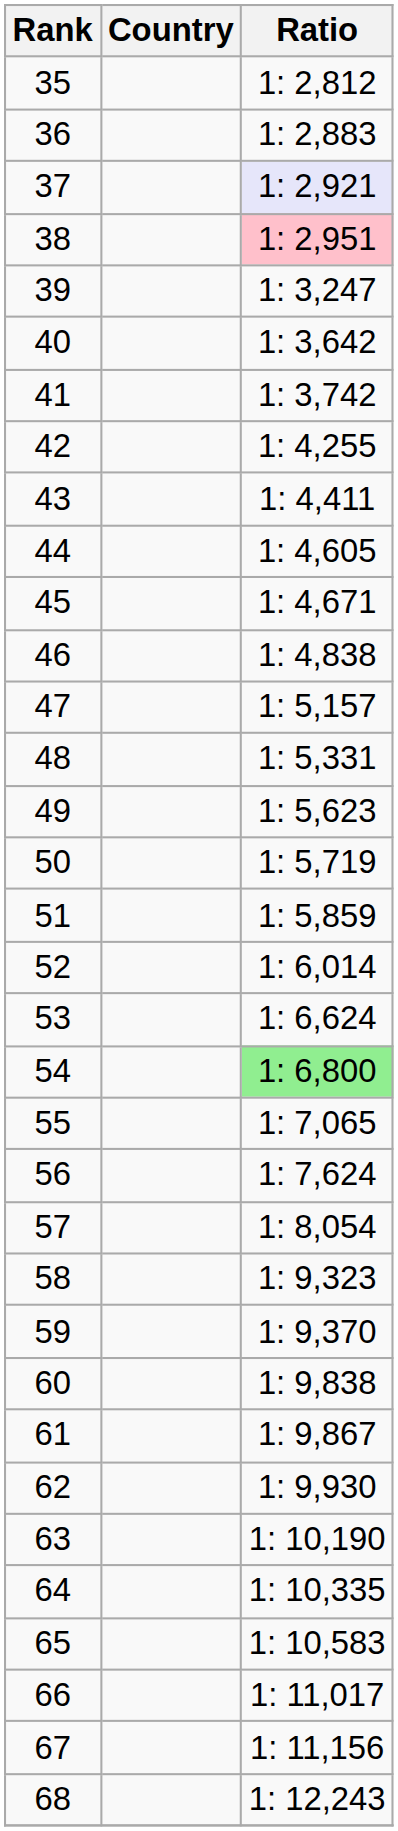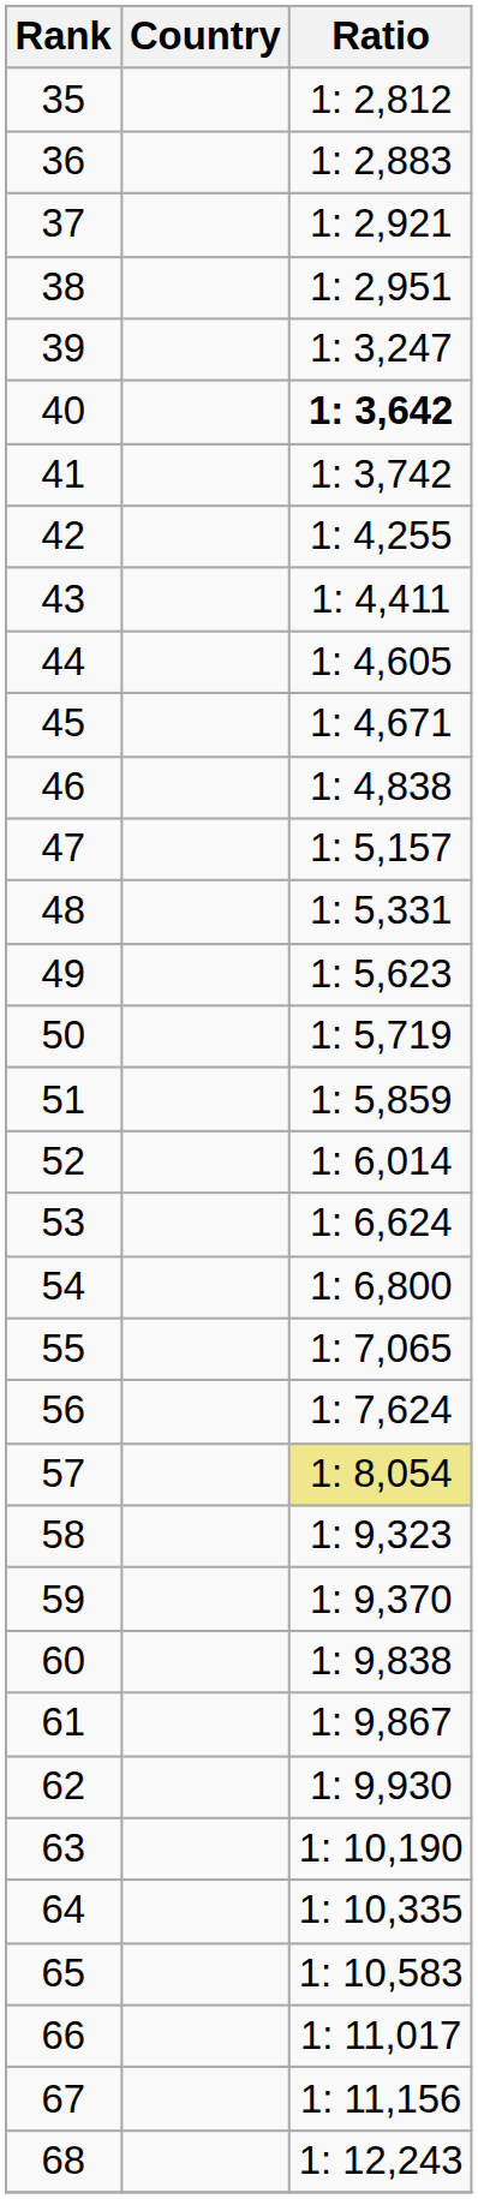 <table class="wikitable" style="text-align:center">
 <tr>
 <th>Rank</th>
 <th>Country</th>
 <th>Ratio</th>
 </tr>
 <tr>
 <td>35</td>
 <td align="left"></td>
 <td>1: 2,812</td>
 </tr>
 <tr>
 <td>36</td>
 <td align="left"></td>
 <td>1: 2,883</td>
 </tr>
 <tr>
 <td>37</td>
 <td align="left"></td>
-<td style="background: lavender;">1: 2,921</td>
+<td>1: 2,921</td>
 </tr>
 <tr>
 <td>38</td>
 <td align="left"></td>
-<td style="background: pink;">1: 2,951</td>
+<td>1: 2,951</td>
 </tr>
 <tr>
 <td>39</td>
 <td align="left"></td>
 <td>1: 3,247</td>
 </tr>
 <tr>
 <td>40</td>
 <td align="left"></td>
-<td>1: 3,642</td>
+<td><strong>1: 3,642</strong></td>
 </tr>
 <tr>
 <td>41</td>
 <td align="left"></td>
 <td>1: 3,742</td>
 </tr>
 <tr>
 <td>42</td>
 <td align="left"></td>
 <td>1: 4,255</td>
 </tr>
 <tr>
 <td>43</td>
 <td align="left"></td>
 <td>1: 4,411</td>
 </tr>
 <tr>
 <td>44</td>
 <td align="left"></td>
 <td>1: 4,605</td>
 </tr>
 <tr>
 <td>45</td>
 <td align="left"></td>
 <td>1: 4,671</td>
 </tr>
 <tr>
 <td>46</td>
 <td align="left"></td>
 <td>1: 4,838</td>
 </tr>
 <tr>
 <td>47</td>
 <td align="left"></td>
 <td>1: 5,157</td>
 </tr>
 <tr>
 <td>48</td>
 <td align="left"></td>
 <td>1: 5,331</td>
 </tr>
 <tr>
 <td>49</td>
 <td align="left"></td>
 <td>1: 5,623</td>
 </tr>
 <tr>
 <td>50</td>
 <td align="left"></td>
 <td>1: 5,719</td>
 </tr>
 <tr>
 <td>51</td>
 <td align="left"></td>
 <td>1: 5,859</td>
 </tr>
 <tr>
 <td>52</td>
 <td align="left"></td>
 <td>1: 6,014</td>
 </tr>
 <tr>
 <td>53</td>
 <td align="left"></td>
 <td>1: 6,624</td>
 </tr>
 <tr>
 <td>54</td>
 <td align="left"></td>
-<td style="background: lightgreen;">1: 6,800</td>
+<td>1: 6,800</td>
 </tr>
 <tr>
 <td>55</td>
 <td align="left"></td>
 <td>1: 7,065</td>
 </tr>
 <tr>
 <td>56</td>
 <td align="left"></td>
 <td>1: 7,624</td>
 </tr>
 <tr>
 <td>57</td>
 <td align="left"></td>
-<td>1: 8,054</td>
+<td style="background: khaki;">1: 8,054</td>
 </tr>
 <tr>
 <td>58</td>
 <td align="left"></td>
 <td>1: 9,323</td>
 </tr>
 <tr>
 <td>59</td>
 <td align="left"></td>
 <td>1: 9,370</td>
 </tr>
 <tr>
 <td>60</td>
 <td align="left"></td>
 <td>1: 9,838</td>
 </tr>
 <tr>
 <td>61</td>
 <td align="left"></td>
 <td>1: 9,867</td>
 </tr>
 <tr>
 <td>62</td>
 <td align="left"></td>
 <td>1: 9,930</td>
 </tr>
 <tr>
 <td>63</td>
 <td align="left"></td>
 <td>1: 10,190</td>
 </tr>
 <tr>
 <td>64</td>
 <td align="left"></td>
 <td>1: 10,335</td>
 </tr>
 <tr>
 <td>65</td>
 <td align="left"></td>
 <td>1: 10,583</td>
 </tr>
 <tr>
 <td>66</td>
 <td align="left"></td>
 <td>1: 11,017</td>
 </tr>
 <tr>
 <td>67</td>
 <td align="left"></td>
 <td>1: 11,156</td>
 </tr>
 <tr>
 <td>68</td>
 <td align="left"></td>
 <td>1: 12,243</td>
 </tr>
 <tr>
 </tr>
 </table>
